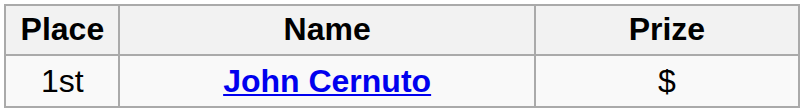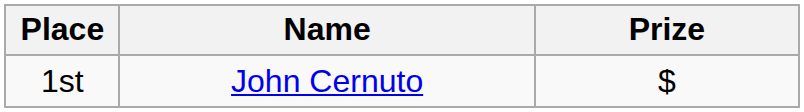 <table class="wikitable">
 <tr>
 <th width="50">Place</th>
 <th width="200">Name</th>
 <th width="125">Prize</th>
 </tr>
 <tr>
 <td align = "center">1st</td>
-<td align = "center"><strong><a href='#'>John Cernuto</a></strong></td>
+<td align = "center"><a href='#'>John Cernuto</a></td>
 <td align = "center">$</td>
 </tr>
 <tr>
 </tr>
 </table>
